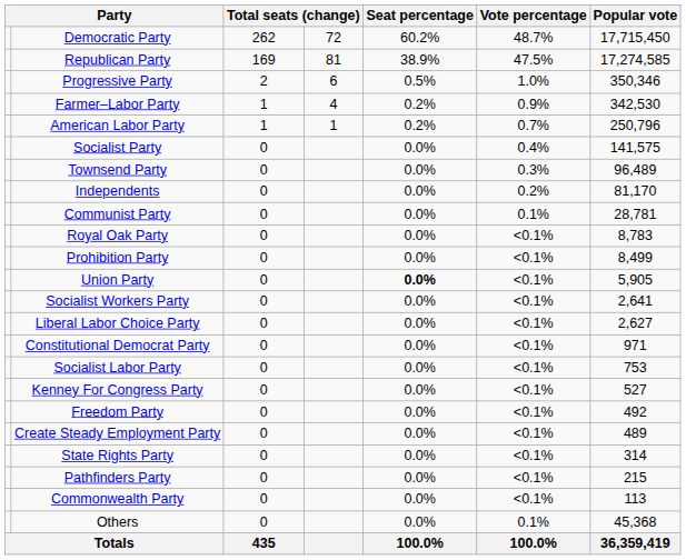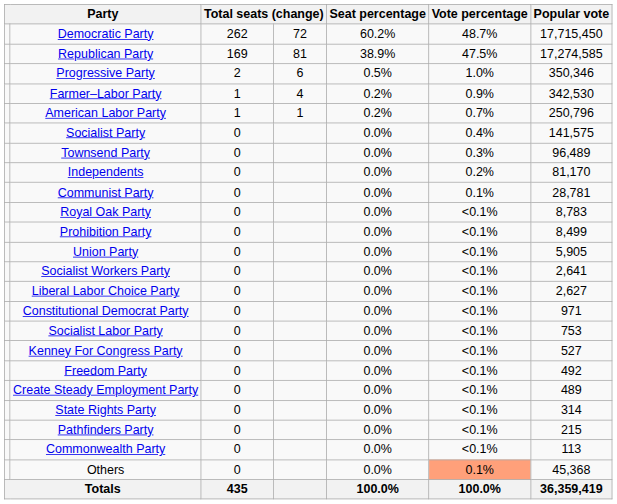 <table class="wikitable" style="text-align:center">
 <tr>
 <th colspan=2>Party</th>
 <th colspan=2>Total seats (change)</th>
 <th>Seat percentage</th>
 <th>Vote percentage</th>
 <th>Popular vote</th>
 </tr>
 <tr>
 <td></td>
 <td><a href='#'>Democratic Party</a></td>
 <td>262</td>
 <td> 72</td>
 <td>60.2%</td>
 <td>48.7%</td>
 <td>17,715,450</td>
 </tr>
 <tr>
 <td></td>
 <td><a href='#'>Republican Party</a></td>
 <td>169</td>
 <td> 81</td>
 <td>38.9%</td>
 <td>47.5%</td>
 <td>17,274,585</td>
 </tr>
 <tr>
 <td></td>
 <td><a href='#'>Progressive Party</a></td>
 <td>2</td>
 <td> 6</td>
 <td>0.5%</td>
 <td>1.0%</td>
 <td>350,346</td>
 </tr>
 <tr>
 <td></td>
 <td><a href='#'>Farmer–Labor Party</a></td>
 <td>1</td>
 <td> 4</td>
 <td>0.2%</td>
 <td>0.9%</td>
 <td>342,530</td>
 </tr>
 <tr>
 <td></td>
 <td><a href='#'>American Labor Party</a></td>
 <td>1</td>
 <td> 1</td>
 <td>0.2%</td>
 <td>0.7%</td>
 <td>250,796</td>
 </tr>
 <tr>
 <td></td>
 <td><a href='#'>Socialist Party</a></td>
 <td>0</td>
 <td></td>
 <td>0.0%</td>
 <td>0.4%</td>
 <td>141,575</td>
 </tr>
 <tr>
 <td></td>
 <td><a href='#'>Townsend Party</a></td>
 <td>0</td>
 <td></td>
 <td>0.0%</td>
 <td>0.3%</td>
 <td>96,489</td>
 </tr>
 <tr>
 <td></td>
 <td><a href='#'>Independents</a></td>
 <td>0</td>
 <td></td>
 <td>0.0%</td>
 <td>0.2%</td>
 <td>81,170</td>
 </tr>
 <tr>
 <td></td>
 <td><a href='#'>Communist Party</a></td>
 <td>0</td>
 <td></td>
 <td>0.0%</td>
 <td>0.1%</td>
 <td>28,781</td>
 </tr>
 <tr>
 <td></td>
 <td><a href='#'>Royal Oak Party</a></td>
 <td>0</td>
 <td></td>
 <td>0.0%</td>
 <td><0.1%</td>
 <td>8,783</td>
 </tr>
 <tr>
 <td></td>
 <td><a href='#'>Prohibition Party</a></td>
 <td>0</td>
 <td></td>
 <td>0.0%</td>
 <td><0.1%</td>
 <td>8,499</td>
 </tr>
 <tr>
 <td></td>
 <td><a href='#'>Union Party</a></td>
 <td>0</td>
 <td></td>
-<td><strong>0.0%</strong></td>
+<td>0.0%</td>
 <td><0.1%</td>
 <td>5,905</td>
 </tr>
 <tr>
 <td></td>
 <td><a href='#'>Socialist Workers Party</a></td>
 <td>0</td>
 <td></td>
 <td>0.0%</td>
 <td><0.1%</td>
 <td>2,641</td>
 </tr>
 <tr>
 <td></td>
 <td><a href='#'>Liberal Labor Choice Party</a></td>
 <td>0</td>
 <td></td>
 <td>0.0%</td>
 <td><0.1%</td>
 <td>2,627</td>
 </tr>
 <tr>
 <td></td>
 <td><a href='#'>Constitutional Democrat Party</a></td>
 <td>0</td>
 <td></td>
 <td>0.0%</td>
 <td><0.1%</td>
 <td>971</td>
 </tr>
 <tr>
 <td></td>
 <td><a href='#'>Socialist Labor Party</a></td>
 <td>0</td>
 <td></td>
 <td>0.0%</td>
 <td><0.1%</td>
 <td>753</td>
 </tr>
 <tr>
 <td></td>
 <td><a href='#'>Kenney For Congress Party</a></td>
 <td>0</td>
 <td></td>
 <td>0.0%</td>
 <td><0.1%</td>
 <td>527</td>
 </tr>
 <tr>
 <td></td>
 <td><a href='#'>Freedom Party</a></td>
 <td>0</td>
 <td></td>
 <td>0.0%</td>
 <td><0.1%</td>
 <td>492</td>
 </tr>
 <tr>
 <td></td>
 <td><a href='#'>Create Steady Employment Party</a></td>
 <td>0</td>
 <td></td>
 <td>0.0%</td>
 <td><0.1%</td>
 <td>489</td>
 </tr>
 <tr>
 <td></td>
 <td><a href='#'>State Rights Party</a></td>
 <td>0</td>
 <td></td>
 <td>0.0%</td>
 <td><0.1%</td>
 <td>314</td>
 </tr>
 <tr>
 <td></td>
 <td><a href='#'>Pathfinders Party</a></td>
 <td>0</td>
 <td></td>
 <td>0.0%</td>
 <td><0.1%</td>
 <td>215</td>
 </tr>
 <tr>
 <td></td>
 <td><a href='#'>Commonwealth Party</a></td>
 <td>0</td>
 <td></td>
 <td>0.0%</td>
 <td><0.1%</td>
 <td>113</td>
 </tr>
 <tr>
 <td></td>
 <td>Others</td>
 <td>0</td>
 <td></td>
 <td>0.0%</td>
-<td>0.1%</td>
+<td style="background: lightsalmon;">0.1%</td>
 <td>45,368</td>
 </tr>
 <tr>
 <th colspan=2>Totals</th>
 <th>435</th>
 <th></th>
 <th>100.0%</th>
 <th>100.0%</th>
 <th>36,359,419</th>
 </tr>
 </table>
